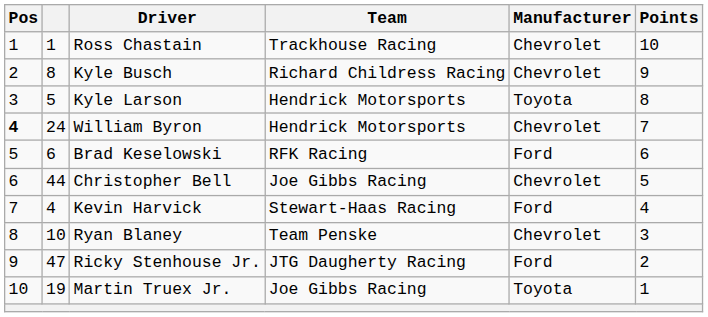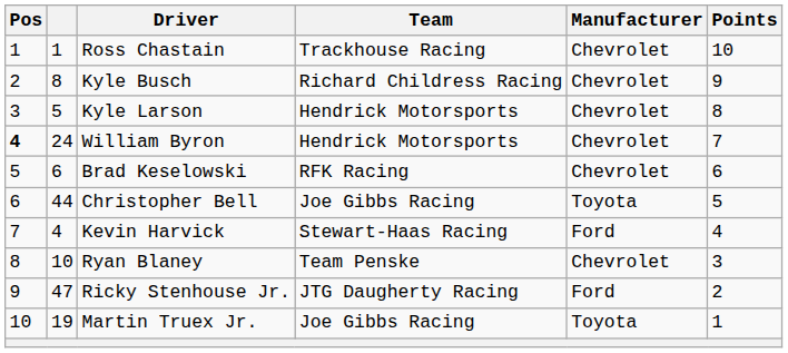 <table class="wikitable" style="font-size:98%">
 <tr>
 <th>Pos</th>
 <th></th>
 <th>Driver</th>
 <th>Team</th>
 <th>Manufacturer</th>
 <th>Points</th>
 </tr>
 <tr>
 <td>1</td>
 <td>1</td>
 <td>Ross Chastain</td>
 <td>Trackhouse Racing</td>
 <td>Chevrolet</td>
 <td>10</td>
 </tr>
 <tr>
 <td>2</td>
 <td>8</td>
 <td>Kyle Busch</td>
 <td>Richard Childress Racing</td>
 <td>Chevrolet</td>
 <td>9</td>
 </tr>
 <tr>
 <td>3</td>
 <td>5</td>
 <td>Kyle Larson</td>
 <td>Hendrick Motorsports</td>
-<td>Toyota</td>
+<td>Chevrolet</td>
 <td>8</td>
 </tr>
 <tr>
 <td><strong>4</strong></td>
 <td>24</td>
 <td>William Byron</td>
 <td>Hendrick Motorsports</td>
 <td>Chevrolet</td>
 <td>7</td>
 </tr>
 <tr>
 <td>5</td>
 <td>6</td>
 <td>Brad Keselowski</td>
 <td>RFK Racing</td>
-<td>Ford</td>
+<td>Chevrolet</td>
 <td>6</td>
 </tr>
 <tr>
 <td>6</td>
 <td>44</td>
 <td>Christopher Bell</td>
 <td>Joe Gibbs Racing</td>
-<td>Chevrolet</td>
+<td>Toyota</td>
 <td>5</td>
 </tr>
 <tr>
 <td>7</td>
 <td>4</td>
 <td>Kevin Harvick</td>
 <td>Stewart-Haas Racing</td>
 <td>Ford</td>
 <td>4</td>
 </tr>
 <tr>
 <td>8</td>
 <td>10</td>
 <td>Ryan Blaney</td>
 <td>Team Penske</td>
 <td>Chevrolet</td>
 <td>3</td>
 </tr>
 <tr>
 <td>9</td>
 <td>47</td>
 <td>Ricky Stenhouse Jr.</td>
 <td>JTG Daugherty Racing</td>
 <td>Ford</td>
 <td>2</td>
 </tr>
 <tr>
 <td>10</td>
 <td>19</td>
 <td>Martin Truex Jr.</td>
 <td>Joe Gibbs Racing</td>
 <td>Toyota</td>
 <td>1</td>
 </tr>
 <tr>
 <th colspan="6"></th>
 </tr>
 </table>
